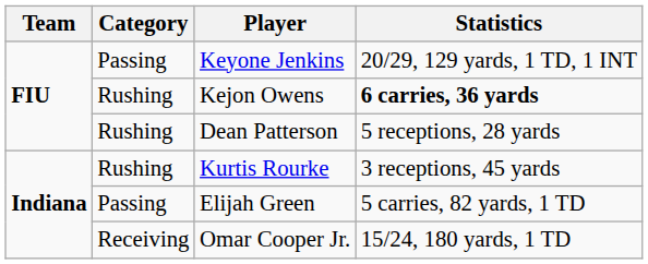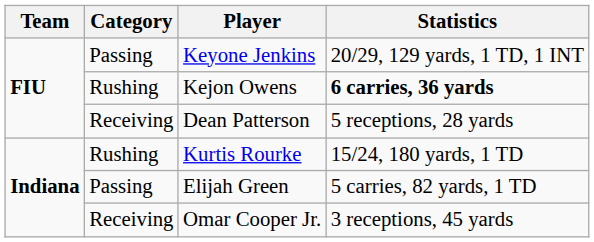 <table class="wikitable" style="float: right;">
 <tr>
 <th>Team</th>
 <th>Category</th>
 <th>Player</th>
 <th>Statistics</th>
 </tr>
 <tr>
 <td rowspan=3><strong>FIU</strong></td>
 <td>Passing</td>
 <td><a href='#'>Keyone Jenkins</a></td>
 <td>20/29, 129 yards, 1 TD, 1 INT</td>
 </tr>
 <tr>
 <td>Rushing</td>
 <td>Kejon Owens</td>
 <td><strong>6 carries, 36 yards</strong></td>
 </tr>
 <tr>
-<td>Rushing</td>
+<td>Receiving</td>
 <td>Dean Patterson</td>
 <td>5 receptions, 28 yards</td>
 </tr>
 <tr>
 <td rowspan=3><strong>Indiana</strong></td>
 <td>Rushing</td>
 <td><a href='#'>Kurtis Rourke</a></td>
-<td>3 receptions, 45 yards</td>
+<td>15/24, 180 yards, 1 TD</td>
 </tr>
 <tr>
 <td>Passing</td>
 <td>Elijah Green</td>
 <td>5 carries, 82 yards, 1 TD</td>
 </tr>
 <tr>
 <td>Receiving</td>
 <td>Omar Cooper Jr.</td>
-<td>15/24, 180 yards, 1 TD</td>
+<td>3 receptions, 45 yards</td>
 </tr>
 </table>
